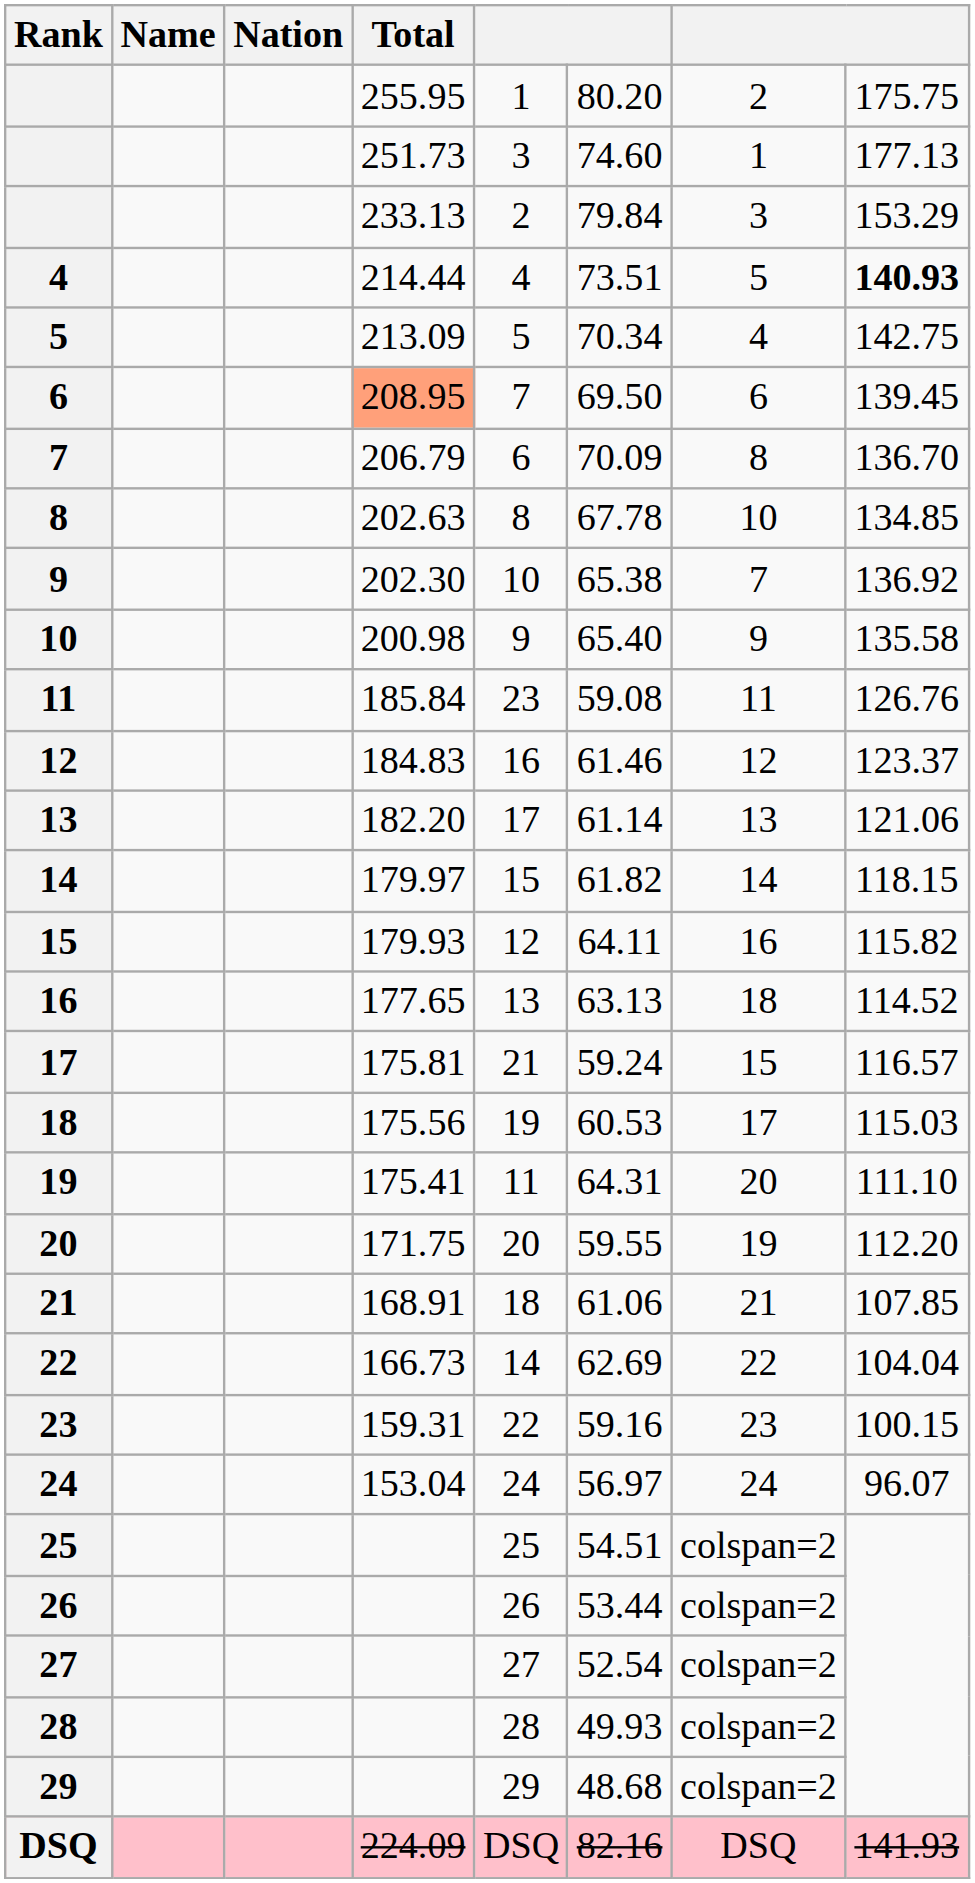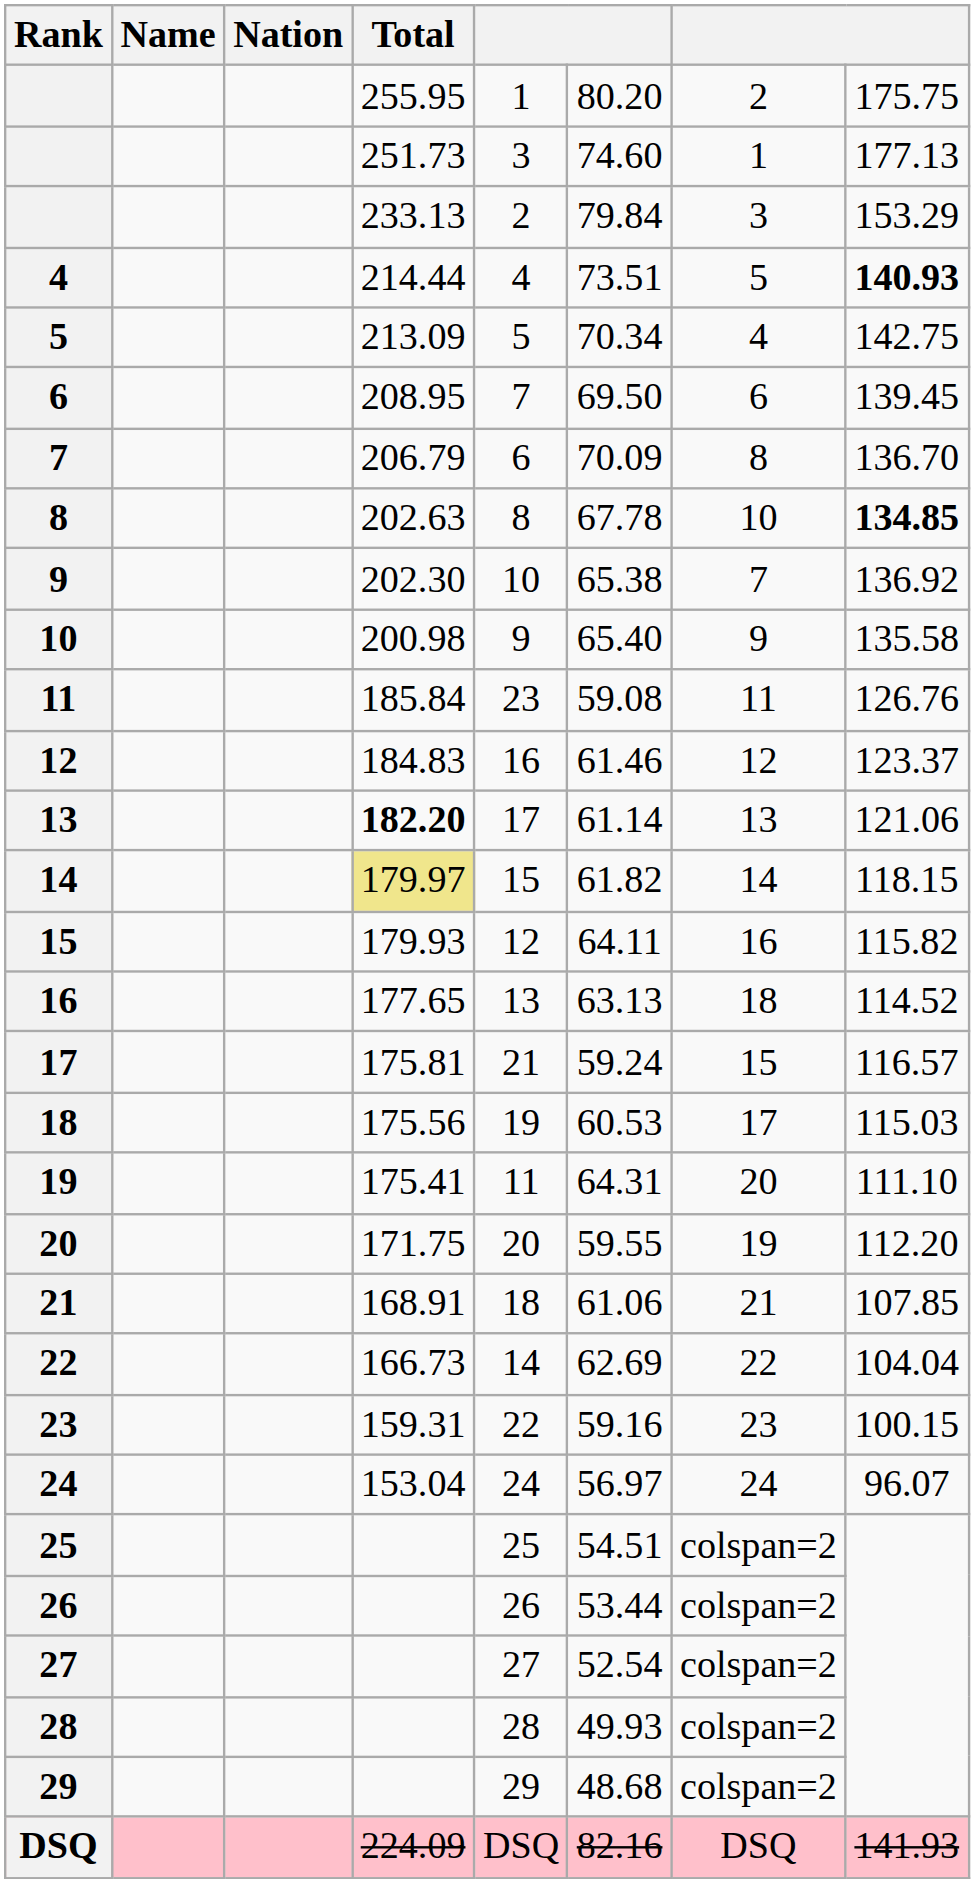 <table class="wikitable sortable" style="text-align:center">
 <tr>
 <th>Rank</th>
 <th>Name</th>
 <th>Nation</th>
 <th>Total</th>
 <th colspan=2></th>
 <th colspan=2></th>
 </tr>
 <tr>
 <th></th>
 <td align="left"></td>
 <td align="left"></td>
 <td>255.95</td>
 <td>1</td>
 <td>80.20</td>
 <td>2</td>
 <td>175.75</td>
 </tr>
 <tr>
 <th></th>
 <td align="left"></td>
 <td align="left"></td>
 <td>251.73</td>
 <td>3</td>
 <td>74.60</td>
 <td>1</td>
 <td>177.13</td>
 </tr>
 <tr>
 <th></th>
 <td align="left"></td>
 <td align="left"></td>
 <td>233.13</td>
 <td>2</td>
 <td>79.84</td>
 <td>3</td>
 <td>153.29</td>
 </tr>
 <tr>
 <th>4</th>
 <td align="left"></td>
 <td align="left"></td>
 <td>214.44</td>
 <td>4</td>
 <td>73.51</td>
 <td>5</td>
 <td><strong>140.93</strong></td>
 </tr>
 <tr>
 <th>5</th>
 <td align="left"></td>
 <td align="left"></td>
 <td>213.09</td>
 <td>5</td>
 <td>70.34</td>
 <td>4</td>
 <td>142.75</td>
 </tr>
 <tr>
 <th>6</th>
 <td align="left"></td>
 <td align="left"></td>
-<td style="background: lightsalmon;">208.95</td>
+<td>208.95</td>
 <td>7</td>
 <td>69.50</td>
 <td>6</td>
 <td>139.45</td>
 </tr>
 <tr>
 <th>7</th>
 <td align="left"></td>
 <td align="left"></td>
 <td>206.79</td>
 <td>6</td>
 <td>70.09</td>
 <td>8</td>
 <td>136.70</td>
 </tr>
 <tr>
 <th>8</th>
 <td align="left"></td>
 <td align="left"></td>
 <td>202.63</td>
 <td>8</td>
 <td>67.78</td>
 <td>10</td>
-<td>134.85</td>
+<td><strong>134.85</strong></td>
 </tr>
 <tr>
 <th>9</th>
 <td align="left"></td>
 <td align="left"></td>
 <td>202.30</td>
 <td>10</td>
 <td>65.38</td>
 <td>7</td>
 <td>136.92</td>
 </tr>
 <tr>
 <th>10</th>
 <td align="left"></td>
 <td align="left"></td>
 <td>200.98</td>
 <td>9</td>
 <td>65.40</td>
 <td>9</td>
 <td>135.58</td>
 </tr>
 <tr>
 <th>11</th>
 <td align="left"></td>
 <td align="left"></td>
 <td>185.84</td>
 <td>23</td>
 <td>59.08</td>
 <td>11</td>
 <td>126.76</td>
 </tr>
 <tr>
 <th>12</th>
 <td align="left"></td>
 <td align="left"></td>
 <td>184.83</td>
 <td>16</td>
 <td>61.46</td>
 <td>12</td>
 <td>123.37</td>
 </tr>
 <tr>
 <th>13</th>
 <td align="left"></td>
 <td align="left"></td>
-<td>182.20</td>
+<td><strong>182.20</strong></td>
 <td>17</td>
 <td>61.14</td>
 <td>13</td>
 <td>121.06</td>
 </tr>
 <tr>
 <th>14</th>
 <td align="left"></td>
 <td align="left"></td>
-<td>179.97</td>
+<td style="background: khaki;">179.97</td>
 <td>15</td>
 <td>61.82</td>
 <td>14</td>
 <td>118.15</td>
 </tr>
 <tr>
 <th>15</th>
 <td align="left"></td>
 <td align="left"></td>
 <td>179.93</td>
 <td>12</td>
 <td>64.11</td>
 <td>16</td>
 <td>115.82</td>
 </tr>
 <tr>
 <th>16</th>
 <td align="left"></td>
 <td align="left"></td>
 <td>177.65</td>
 <td>13</td>
 <td>63.13</td>
 <td>18</td>
 <td>114.52</td>
 </tr>
 <tr>
 <th>17</th>
 <td align="left"></td>
 <td align="left"></td>
 <td>175.81</td>
 <td>21</td>
 <td>59.24</td>
 <td>15</td>
 <td>116.57</td>
 </tr>
 <tr>
 <th>18</th>
 <td align="left"></td>
 <td align="left"></td>
 <td>175.56</td>
 <td>19</td>
 <td>60.53</td>
 <td>17</td>
 <td>115.03</td>
 </tr>
 <tr>
 <th>19</th>
 <td align="left"></td>
 <td align="left"></td>
 <td>175.41</td>
 <td>11</td>
 <td>64.31</td>
 <td>20</td>
 <td>111.10</td>
 </tr>
 <tr>
 <th>20</th>
 <td align="left"></td>
 <td align="left"></td>
 <td>171.75</td>
 <td>20</td>
 <td>59.55</td>
 <td>19</td>
 <td>112.20</td>
 </tr>
 <tr>
 <th>21</th>
 <td align="left"></td>
 <td align="left"></td>
 <td>168.91</td>
 <td>18</td>
 <td>61.06</td>
 <td>21</td>
 <td>107.85</td>
 </tr>
 <tr>
 <th>22</th>
 <td align="left"></td>
 <td align="left"></td>
 <td>166.73</td>
 <td>14</td>
 <td>62.69</td>
 <td>22</td>
 <td>104.04</td>
 </tr>
 <tr>
 <th>23</th>
 <td align="left"></td>
 <td align="left"></td>
 <td>159.31</td>
 <td>22</td>
 <td>59.16</td>
 <td>23</td>
 <td>100.15</td>
 </tr>
 <tr>
 <th>24</th>
 <td align="left"></td>
 <td align="left"></td>
 <td>153.04</td>
 <td>24</td>
 <td>56.97</td>
 <td>24</td>
 <td>96.07</td>
 </tr>
 <tr>
 <th>25</th>
 <td align="left"></td>
 <td align="left"></td>
 <td></td>
 <td>25</td>
 <td>54.51</td>
 <td>colspan=2 </td>
 </tr>
 <tr>
 <th>26</th>
 <td align="left"></td>
 <td align="left"></td>
 <td></td>
 <td>26</td>
 <td>53.44</td>
 <td>colspan=2 </td>
 </tr>
 <tr>
 <th>27</th>
 <td align="left"></td>
 <td align="left"></td>
 <td></td>
 <td>27</td>
 <td>52.54</td>
 <td>colspan=2 </td>
 </tr>
 <tr>
 <th>28</th>
 <td align="left"></td>
 <td align="left"></td>
 <td></td>
 <td>28</td>
 <td>49.93</td>
 <td>colspan=2 </td>
 </tr>
 <tr>
 <th>29</th>
 <td align="left"></td>
 <td align="left"></td>
 <td></td>
 <td>29</td>
 <td>48.68</td>
 <td>colspan=2 </td>
 </tr>
 <tr bgcolor=pink>
 <th>DSQ</th>
 <td align="left"></td>
 <td align="left"></td>
 <td><s>224.09</s></td>
 <td>DSQ</td>
 <td><s>82.16</s></td>
 <td>DSQ</td>
 <td><s>141.93</s></td>
 </tr>
 </table>
